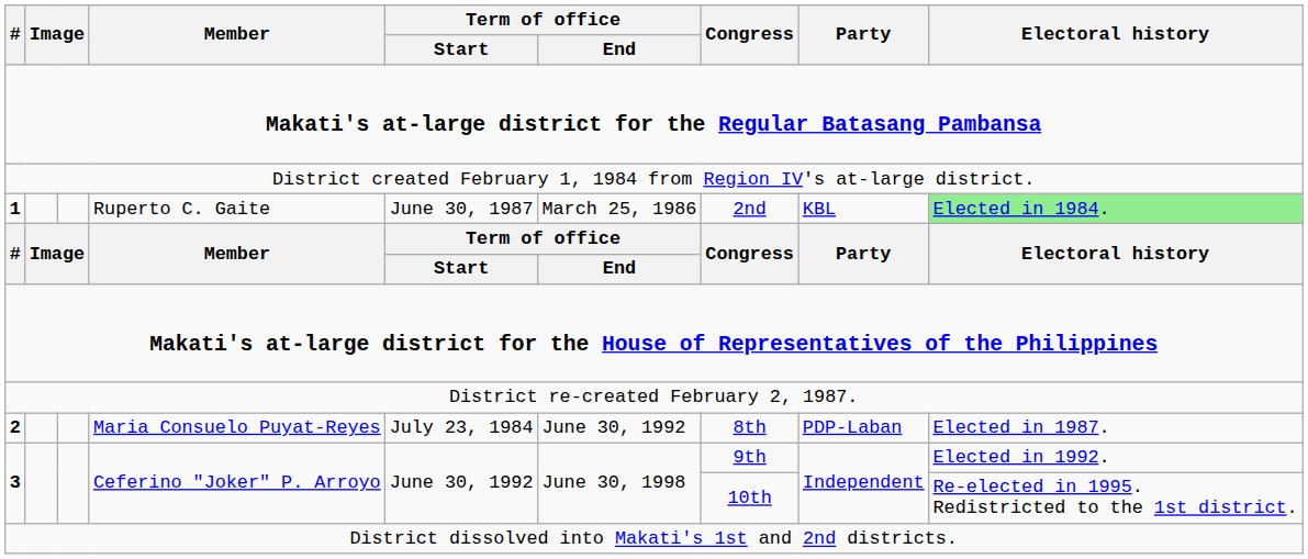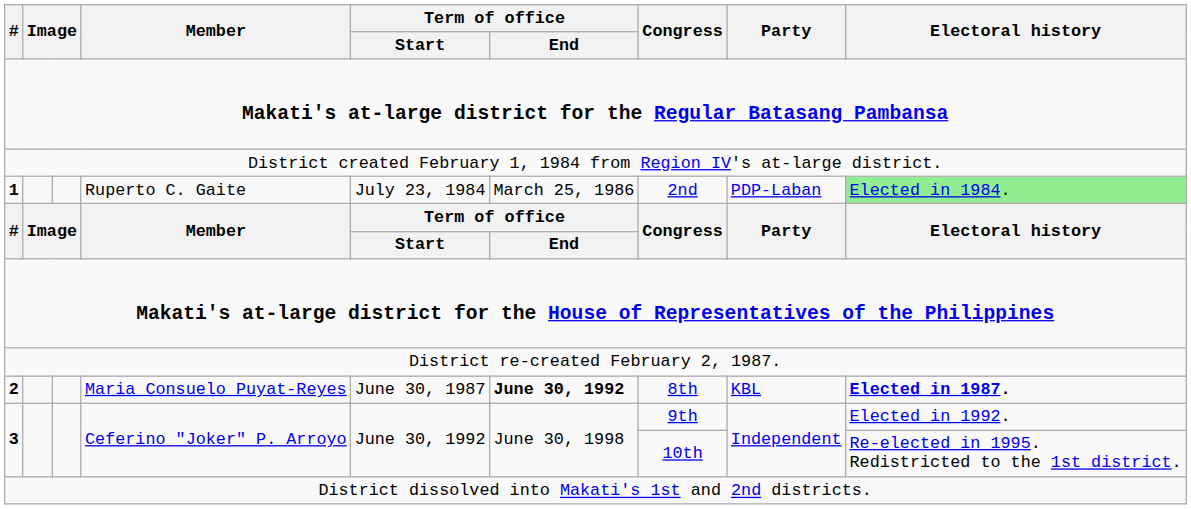 <table class=wikitable>
 <tr>
 <th rowspan="2">#</th>
 <th rowspan="2" colspan=2>Image</th>
 <th rowspan="2">Member</th>
 <th colspan=2>Term of office</th>
 <th rowspan="2">Congress</th>
 <th rowspan="2">Party</th>
 <th rowspan="2">Electoral history</th>
 </tr>
 <tr>
 <th>Start</th>
 <th>End</th>
 </tr>
 <tr>
 <td colspan="9" style="text-align:center;"><br><h3>Makati's at-large district for the <a href='#'>Regular Batasang Pambansa</a></h3></td>
 </tr>
 <tr>
 <td colspan="9" style="text-align:center;">District created February 1, 1984 from <a href='#'>Region IV</a>'s at-large district.</td>
 </tr>
 <tr>
 <td style="text-align:center;"><strong>1</strong></td>
 <td style="color:inherit;background:"></td>
 <td></td>
 <td>Ruperto C. Gaite</td>
-<td>June 30, 1987</td>
+<td>July 23, 1984</td>
 <td>March 25, 1986</td>
 <td style="text-align:center;"><a href='#'>2nd</a></td>
-<td><a href='#'>KBL</a></td>
+<td><a href='#'>PDP-Laban</a></td>
 <td style="background: lightgreen;"><a href='#'>Elected in 1984</a>.</td>
 </tr>
 <tr>
 <th rowspan="2">#</th>
 <th rowspan="2" colspan=2>Image</th>
 <th rowspan="2">Member</th>
 <th colspan=2>Term of office</th>
 <th rowspan="2">Congress</th>
 <th rowspan="2">Party</th>
 <th rowspan="2">Electoral history</th>
 </tr>
 <tr>
 <th>Start</th>
 <th>End</th>
 </tr>
 <tr>
 <td colspan="9" style="text-align:center;"><br><h3>Makati's at-large district for the <a href='#'>House of Representatives of the Philippines</a></h3></td>
 </tr>
 <tr>
 <td colspan="9" style="text-align:center;">District re-created February 2, 1987.</td>
 </tr>
 <tr>
 <td style="text-align:center;"><strong>2</strong></td>
 <td style="color:inherit;background:"></td>
 <td></td>
 <td><a href='#'>Maria Consuelo Puyat-Reyes</a></td>
-<td>July 23, 1984</td>
-<td>June 30, 1992</td>
+<td>June 30, 1987</td>
+<td><strong>June 30, 1992</strong></td>
 <td style="text-align:center;"><a href='#'>8th</a></td>
-<td><a href='#'>PDP-Laban</a></td>
-<td><a href='#'>Elected in 1987</a>.</td>
+<td><a href='#'>KBL</a></td>
+<td><strong><a href='#'>Elected in 1987</a>.</strong></td>
 </tr>
 <tr>
 <td rowspan="2" style="text-align:center;"><strong>3</strong></td>
 <td rowspan=2 style="color:inherit;background:"></td>
 <td rowspan=2></td>
 <td rowspan=2><a href='#'>Ceferino "Joker" P. Arroyo</a></td>
 <td rowspan=2>June 30, 1992</td>
 <td rowspan=2>June 30, 1998</td>
 <td style="text-align:center;"><a href='#'>9th</a></td>
 <td rowspan=2><a href='#'>Independent</a></td>
 <td><a href='#'>Elected in 1992</a>.</td>
 </tr>
 <tr>
 <td style="text-align:center;"><a href='#'>10th</a></td>
 <td><a href='#'>Re-elected in 1995</a>.<br>Redistricted to the <a href='#'>1st district</a>.</td>
 </tr>
 <tr>
 <td colspan="9" style="text-align:center;">District dissolved into <a href='#'>Makati's 1st</a> and <a href='#'>2nd</a> districts.</td>
 </tr>
 </table>
